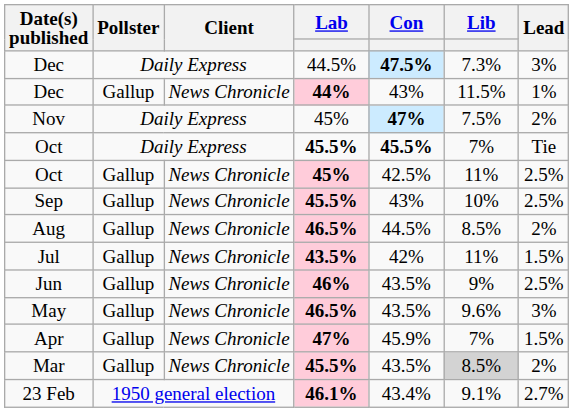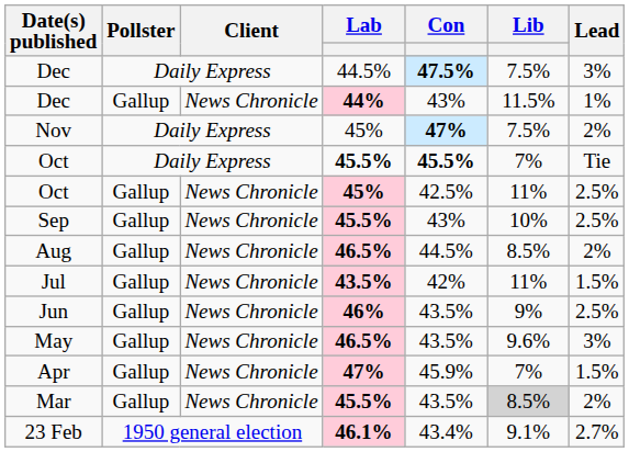 <table class="wikitable sortable mw-datatable" style="text-align:center;font-size:90%;line-height:14px;">
 <tr>
 <th rowspan="2">Date(s)<br>published</th>
 <th rowspan="2">Pollster</th>
 <th rowspan="2">Client</th>
 <th class="unsortable" style="width:50px;"><a href='#'>Lab</a></th>
 <th class="unsortable" style="width:50px;"><a href='#'>Con</a></th>
 <th class="unsortable" style="width:50px;"><a href='#'>Lib</a></th>
 <th rowspan="2">Lead</th>
 </tr>
 <tr>
 <th style="background:"></th>
 <th style="background:"></th>
 <th style="background:"></th>
 </tr>
 <tr>
 <td>Dec</td>
 <td colspan="2"><em>Daily Express</em></td>
 <td>44.5%</td>
 <td style="background:#CCEBFF;"><strong>47.5%</strong></td>
-<td>7.3%</td>
+<td>7.5%</td>
 <td style="background:">3%</td>
 </tr>
 <tr>
 <td>Dec</td>
 <td>Gallup</td>
 <td><em>News Chronicle</em></td>
 <td style="background:#FFCCDA;"><strong>44%</strong></td>
 <td>43%</td>
 <td>11.5%</td>
 <td style="background:">1%</td>
 </tr>
 <tr>
 <td>Nov</td>
 <td colspan="2"><em>Daily Express</em></td>
 <td>45%</td>
 <td style="background:#CCEBFF;"><strong>47%</strong></td>
 <td>7.5%</td>
 <td style="background:">2%</td>
 </tr>
 <tr>
 <td>Oct</td>
 <td colspan="2"><em>Daily Express</em></td>
 <td><strong>45.5%</strong></td>
 <td><strong>45.5%</strong></td>
 <td>7%</td>
 <td>Tie</td>
 </tr>
 <tr>
 <td>Oct</td>
 <td>Gallup</td>
 <td><em>News Chronicle</em></td>
 <td style="background:#FFCCDA;"><strong>45%</strong></td>
 <td>42.5%</td>
 <td>11%</td>
 <td style="background:">2.5%</td>
 </tr>
 <tr>
 <td>Sep</td>
 <td>Gallup</td>
 <td><em>News Chronicle</em></td>
 <td style="background:#FFCCDA;"><strong>45.5%</strong></td>
 <td>43%</td>
 <td>10%</td>
 <td style="background:">2.5%</td>
 </tr>
 <tr>
 <td>Aug</td>
 <td>Gallup</td>
 <td><em>News Chronicle</em></td>
 <td style="background:#FFCCDA;"><strong>46.5%</strong></td>
 <td>44.5%</td>
 <td>8.5%</td>
 <td style="background:">2%</td>
 </tr>
 <tr>
 <td>Jul</td>
 <td>Gallup</td>
 <td><em>News Chronicle</em></td>
 <td style="background:#FFCCDA;"><strong>43.5%</strong></td>
 <td>42%</td>
 <td>11%</td>
 <td style="background:">1.5%</td>
 </tr>
 <tr>
 <td>Jun</td>
 <td>Gallup</td>
 <td><em>News Chronicle</em></td>
 <td style="background:#FFCCDA;"><strong>46%</strong></td>
 <td>43.5%</td>
 <td>9%</td>
 <td style="background:">2.5%</td>
 </tr>
 <tr>
 <td>May</td>
 <td>Gallup</td>
 <td><em>News Chronicle</em></td>
 <td style="background:#FFCCDA;"><strong>46.5%</strong></td>
 <td>43.5%</td>
 <td>9.6%</td>
 <td style="background:">3%</td>
 </tr>
 <tr>
 <td>Apr</td>
 <td>Gallup</td>
 <td><em>News Chronicle</em></td>
 <td style="background:#FFCCDA;"><strong>47%</strong></td>
 <td>45.9%</td>
 <td>7%</td>
 <td style="background:">1.5%</td>
 </tr>
 <tr>
 <td>Mar</td>
 <td>Gallup</td>
 <td><em>News Chronicle</em></td>
 <td style="background:#FFCCDA;"><strong>45.5%</strong></td>
 <td>43.5%</td>
 <td style="background: lightgrey;">8.5%</td>
 <td style="background:">2%</td>
 </tr>
 <tr>
 <td>23 Feb</td>
 <td colspan="2"><a href='#'>1950 general election</a></td>
 <td style="background:#FFCCDA;"><strong>46.1%</strong></td>
 <td>43.4%</td>
 <td>9.1%</td>
 <td style="background:">2.7%</td>
 </tr>
 </table>
